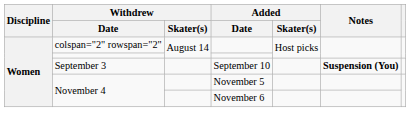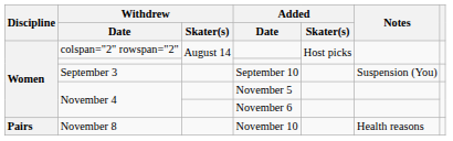 <table class="wikitable unsortable">
 <tr>
 <th scope="col" rowspan=2>Discipline</th>
 <th scope="col" colspan=2>Withdrew</th>
 <th scope="col" colspan=2>Added</th>
 <th scope="col" rowspan=2>Notes</th>
 <th scope="col" rowspan=2></th>
 </tr>
 <tr>
 <th>Date</th>
 <th>Skater(s)</th>
 <th>Date</th>
 <th>Skater(s)</th>
 </tr>
 <tr>
 <th rowspan="5" scope="row" style="text-align:left">Women</th>
 <td>colspan="2" rowspan="2" </td>
 <td rowspan="2">August 14</td>
 <td></td>
 <td rowspan="2">Host picks</td>
 <td rowspan="2"></td>
 </tr>
 <tr>
 <td></td>
 </tr>
 <tr>
 <td>September 3</td>
 <td></td>
 <td>September 10</td>
 <td></td>
-<td><strong>Suspension (You)</strong></td>
+<td>Suspension (You)</td>
 <td></td>
 </tr>
 <tr>
 <td rowspan="2">November 4</td>
 <td></td>
 <td>November 5</td>
 <td></td>
 <td></td>
 <td rowspan="2"></td>
 </tr>
 <tr>
 <td></td>
 <td>November 6</td>
 <td></td>
 <td></td>
 </tr>
+<tr>
+<th scope="row" style="text-align:left">Pairs</th>
+<td>November 8</td>
+<td></td>
+<td>November 10</td>
+<td></td>
+<td>Health reasons</td>
+<td></td>
+</tr>
 </table>
